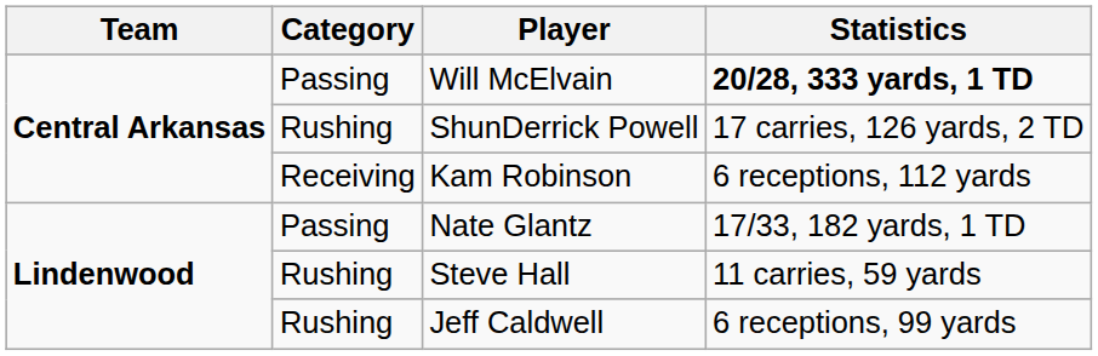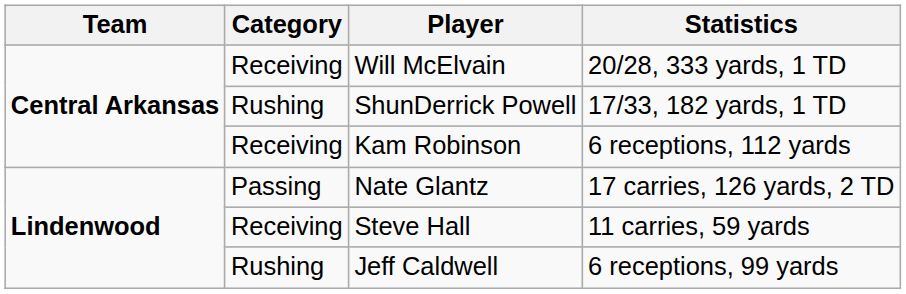 <table class="wikitable" style="float: right;">
 <tr>
 <th>Team</th>
 <th>Category</th>
 <th>Player</th>
 <th>Statistics</th>
 </tr>
 <tr>
 <td rowspan=3><strong>Central Arkansas</strong></td>
-<td>Passing</td>
+<td>Receiving</td>
 <td>Will McElvain</td>
-<td><strong>20/28, 333 yards, 1 TD</strong></td>
+<td>20/28, 333 yards, 1 TD</td>
 </tr>
 <tr>
 <td>Rushing</td>
 <td>ShunDerrick Powell</td>
-<td>17 carries, 126 yards, 2 TD</td>
+<td>17/33, 182 yards, 1 TD</td>
 </tr>
 <tr>
 <td>Receiving</td>
 <td>Kam Robinson</td>
 <td>6 receptions, 112 yards</td>
 </tr>
 <tr>
 <td rowspan=3><strong>Lindenwood</strong></td>
 <td>Passing</td>
 <td>Nate Glantz</td>
-<td>17/33, 182 yards, 1 TD</td>
+<td>17 carries, 126 yards, 2 TD</td>
 </tr>
 <tr>
-<td>Rushing</td>
+<td>Receiving</td>
 <td>Steve Hall</td>
 <td>11 carries, 59 yards</td>
 </tr>
 <tr>
 <td>Rushing</td>
 <td>Jeff Caldwell</td>
 <td>6 receptions, 99 yards</td>
 </tr>
 </table>
